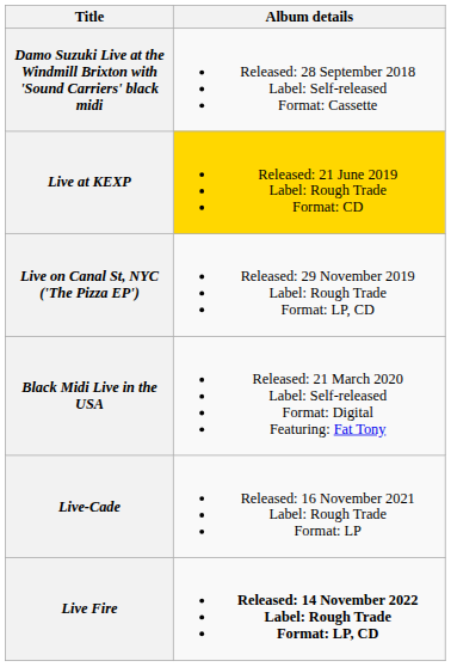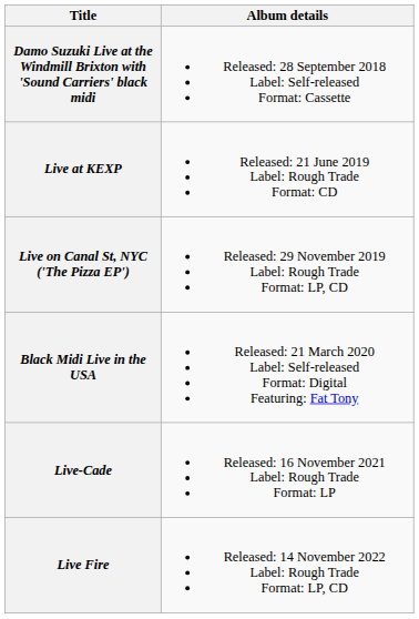 <table class="wikitable plainrowheaders" style="text-align:center;">
 <tr>
 <th scope="col" style="width:11em;">Title</th>
 <th scope="col" style="width:18em;">Album details</th>
 </tr>
 <tr>
 <th scope="row"><em>Damo Suzuki Live at the Windmill Brixton with 'Sound Carriers' black midi</em><br></th>
 <td><br><ul><li>Released: 28 September 2018</li><li>Label: Self-released</li><li>Format: Cassette</li></ul></td>
 </tr>
 <tr>
 <th scope="row"><em>Live at KEXP</em></th>
-<td style="background: gold;"><br><ul><li>Released: 21 June 2019</li><li>Label: Rough Trade</li><li>Format: CD</li></ul></td>
+<td><br><ul><li>Released: 21 June 2019</li><li>Label: Rough Trade</li><li>Format: CD</li></ul></td>
 </tr>
 <tr>
 <th scope="row"><em>Live on Canal St, NYC ('The Pizza EP')</em></th>
 <td><br><ul><li>Released: 29 November 2019</li><li>Label: Rough Trade</li><li>Format: LP, CD</li></ul></td>
 </tr>
 <tr>
 <th scope="row"><em>Black Midi Live in the USA</em></th>
 <td><br><ul><li>Released: 21 March 2020</li><li>Label: Self-released</li><li>Format: Digital</li><li>Featuring: <a href='#'>Fat Tony</a></li></ul></td>
 </tr>
 <tr>
 <th scope="row"><em>Live-Cade</em></th>
 <td><br><ul><li>Released: 16 November 2021</li><li>Label: Rough Trade</li><li>Format: LP</li></ul></td>
 </tr>
 <tr>
 <th scope="row"><em>Live Fire</em></th>
-<td><strong><br><ul><li>Released: 14 November 2022</li><li>Label: Rough Trade</li><li>Format: LP, CD</li></ul></strong></td>
+<td><br><ul><li>Released: 14 November 2022</li><li>Label: Rough Trade</li><li>Format: LP, CD</li></ul></td>
 </tr>
 </table>
